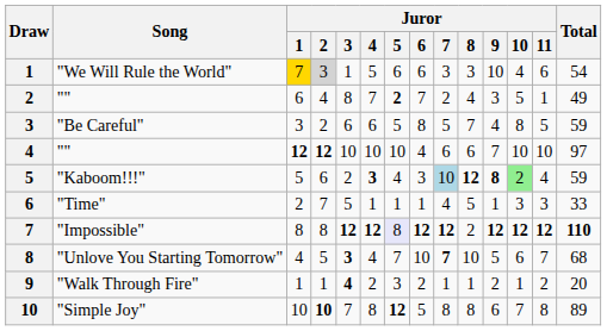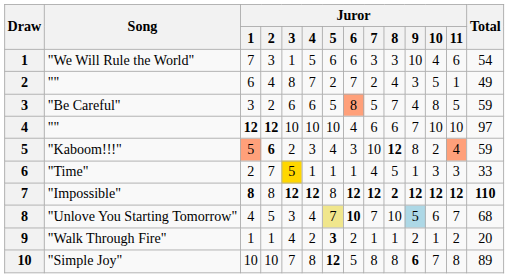 <table class="wikitable collapsible plainrowheaders" style="margin: 1em auto 1em auto; text-align:center;">
 <tr>
 <th rowspan="2">Draw</th>
 <th rowspan="2">Song</th>
 <th colspan="11">Juror</th>
 <th rowspan="2">Total</th>
 </tr>
 <tr>
 <th>1</th>
 <th>2</th>
 <th>3</th>
 <th>4</th>
 <th>5</th>
 <th>6</th>
 <th>7</th>
 <th>8</th>
 <th>9</th>
 <th>10</th>
 <th>11</th>
 </tr>
 <tr>
 <th scope="row" style="text-align:center;">1</th>
 <td align="left">"We Will Rule the World"</td>
-<td style="background: gold;">7</td>
-<td style="background: lightgrey;">3</td>
+<td>7</td>
+<td>3</td>
 <td>1</td>
 <td>5</td>
 <td>6</td>
 <td>6</td>
 <td>3</td>
 <td>3</td>
 <td>10</td>
 <td>4</td>
 <td>6</td>
 <td>54</td>
 </tr>
 <tr>
 <th scope="row" style="text-align:center;">2</th>
 <td align="left">""</td>
 <td>6</td>
 <td>4</td>
 <td>8</td>
 <td>7</td>
-<td><strong>2</strong></td>
+<td>2</td>
 <td>7</td>
 <td>2</td>
 <td>4</td>
 <td>3</td>
 <td>5</td>
 <td>1</td>
 <td>49</td>
 </tr>
 <tr>
 <th scope="row" style="text-align:center;">3</th>
 <td align="left">"Be Careful"</td>
 <td>3</td>
 <td>2</td>
 <td>6</td>
 <td>6</td>
 <td>5</td>
-<td>8</td>
+<td style="background: lightsalmon;">8</td>
 <td>5</td>
 <td>7</td>
 <td>4</td>
 <td>8</td>
 <td>5</td>
 <td>59</td>
 </tr>
 <tr>
 <th scope="row" style="text-align:center;">4</th>
 <td align="left">""</td>
 <td><strong>12</strong></td>
 <td><strong>12</strong></td>
 <td>10</td>
 <td>10</td>
 <td>10</td>
 <td>4</td>
 <td>6</td>
 <td>6</td>
 <td>7</td>
 <td>10</td>
 <td>10</td>
 <td>97</td>
 </tr>
 <tr>
 <th scope="row" style="text-align:center;">5</th>
 <td align="left">"Kaboom!!!"</td>
-<td>5</td>
-<td>6</td>
+<td style="background: lightsalmon;">5</td>
+<td><strong>6</strong></td>
 <td>2</td>
-<td><strong>3</strong></td>
+<td>3</td>
 <td>4</td>
 <td>3</td>
-<td style="background: lightblue;">10</td>
+<td>10</td>
 <td><strong>12</strong></td>
-<td><strong>8</strong></td>
-<td style="background: lightgreen;">2</td>
-<td>4</td>
+<td>8</td>
+<td>2</td>
+<td style="background: lightsalmon;">4</td>
 <td>59</td>
 </tr>
 <tr>
 <th scope="row" style="text-align:center;">6</th>
 <td align="left">"Time"</td>
 <td>2</td>
 <td>7</td>
-<td>5</td>
+<td style="background: gold;">5</td>
 <td>1</td>
 <td>1</td>
 <td>1</td>
 <td>4</td>
 <td>5</td>
 <td>1</td>
 <td>3</td>
 <td>3</td>
 <td>33</td>
 </tr>
 <tr>
 <th scope="row" style="text-align:center;">7</th>
 <td align="left">"Impossible"</td>
-<td>8</td>
+<td><strong>8</strong></td>
 <td>8</td>
 <td><strong>12</strong></td>
 <td><strong>12</strong></td>
-<td style="background: lavender;">8</td>
+<td>8</td>
 <td><strong>12</strong></td>
 <td><strong>12</strong></td>
-<td>2</td>
+<td><strong>2</strong></td>
 <td><strong>12</strong></td>
 <td><strong>12</strong></td>
 <td><strong>12</strong></td>
 <td><strong>110</strong></td>
 </tr>
 <tr>
 <th scope="row" style="text-align:center;">8</th>
 <td align="left">"Unlove You Starting Tomorrow"</td>
 <td>4</td>
 <td>5</td>
-<td><strong>3</strong></td>
+<td>3</td>
 <td>4</td>
+<td style="background: khaki;">7</td>
+<td><strong>10</strong></td>
 <td>7</td>
 <td>10</td>
-<td><strong>7</strong></td>
-<td>10</td>
-<td>5</td>
+<td style="background: lightblue;">5</td>
 <td>6</td>
 <td>7</td>
 <td>68</td>
 </tr>
 <tr>
 <th scope="row" style="text-align:center;">9</th>
 <td align="left">"Walk Through Fire"</td>
 <td>1</td>
 <td>1</td>
-<td><strong>4</strong></td>
+<td>4</td>
 <td>2</td>
-<td>3</td>
+<td><strong>3</strong></td>
 <td>2</td>
 <td>1</td>
 <td>1</td>
 <td>2</td>
 <td>1</td>
 <td>2</td>
 <td>20</td>
 </tr>
 <tr>
 <th scope="row" style="text-align:center;">10</th>
 <td align="left">"Simple Joy"</td>
 <td>10</td>
-<td><strong>10</strong></td>
+<td>10</td>
 <td>7</td>
 <td>8</td>
 <td><strong>12</strong></td>
 <td>5</td>
 <td>8</td>
 <td>8</td>
-<td>6</td>
+<td><strong>6</strong></td>
 <td>7</td>
 <td>8</td>
 <td>89</td>
 </tr>
 </table>
